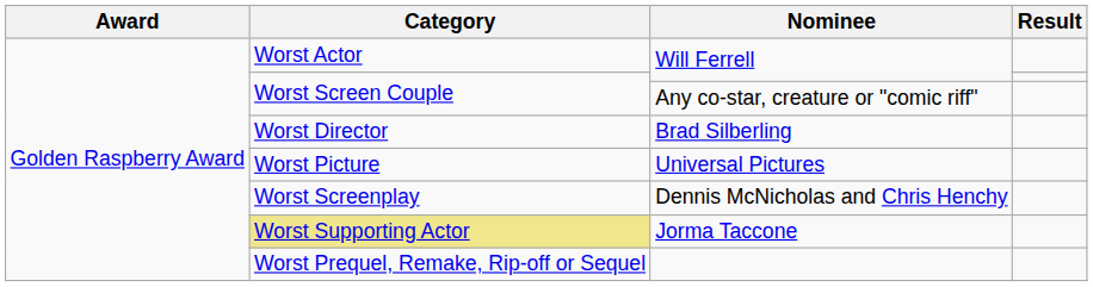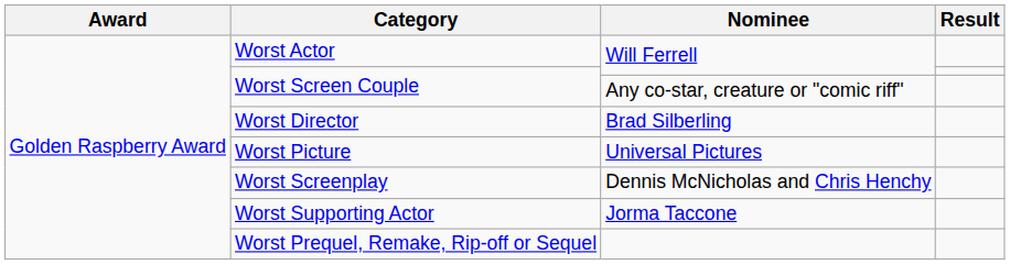 <table class="wikitable">
 <tr>
 <th>Award</th>
 <th>Category</th>
 <th>Nominee</th>
 <th>Result</th>
 </tr>
 <tr>
 <td rowspan=8><a href='#'>Golden Raspberry Award</a></td>
 <td><a href='#'>Worst Actor</a></td>
 <td rowspan=2><a href='#'>Will Ferrell</a></td>
 <td></td>
 </tr>
 <tr>
 <td rowspan=2><a href='#'>Worst Screen Couple</a></td>
 <td></td>
 </tr>
 <tr>
 <td>Any co-star, creature or "comic riff"</td>
 <td></td>
 </tr>
 <tr>
 <td><a href='#'>Worst Director</a></td>
 <td><a href='#'>Brad Silberling</a></td>
 <td></td>
 </tr>
 <tr>
 <td><a href='#'>Worst Picture</a></td>
 <td><a href='#'>Universal Pictures</a></td>
 <td></td>
 </tr>
 <tr>
 <td><a href='#'>Worst Screenplay</a></td>
 <td>Dennis McNicholas and <a href='#'>Chris Henchy</a></td>
 <td></td>
 </tr>
 <tr>
-<td style="background: khaki;"><a href='#'>Worst Supporting Actor</a></td>
+<td><a href='#'>Worst Supporting Actor</a></td>
 <td><a href='#'>Jorma Taccone</a></td>
 <td></td>
 </tr>
 <tr>
 <td><a href='#'>Worst Prequel, Remake, Rip-off or Sequel</a></td>
 <td></td>
 <td></td>
 </tr>
 </table>
